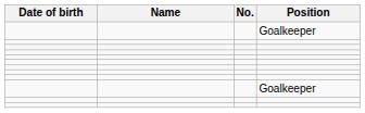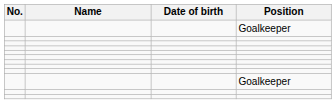 <table class="wikitable sortable" style=font-size:100%; text-align:center;>
 <tr>
+<th>No.</th>
+<th style=width:12em>Name</th>
 <th style=width:8em>Date of birth</th>
-<th style=width:12em>Name</th>
-<th>No.</th>
 <th style=width:9em>Position</th>
 </tr>
 <tr>
+<td></td>
+<td align=left> </td>
 <td align=right></td>
-<td align=left> </td>
-<td></td>
 <td>Goalkeeper</td>
 </tr>
 <tr>
+<td></td>
+<td align=left> </td>
 <td align=right></td>
-<td align=left> </td>
-<td></td>
 <td></td>
 </tr>
 <tr>
+<td></td>
+<td align=left> </td>
 <td align=right></td>
-<td align=left> </td>
-<td></td>
 <td></td>
 </tr>
 <tr>
+<td></td>
+<td align=left> </td>
 <td align=right></td>
-<td align=left> </td>
-<td></td>
 <td></td>
 </tr>
 <tr>
+<td></td>
+<td align=left> </td>
 <td align=right></td>
-<td align=left> </td>
-<td></td>
 <td></td>
 </tr>
 <tr>
+<td></td>
+<td align=left> </td>
 <td align=right></td>
-<td align=left> </td>
-<td></td>
 <td></td>
 </tr>
 <tr>
+<td></td>
+<td align=left> </td>
 <td align=right></td>
-<td align=left> </td>
-<td></td>
 <td></td>
 </tr>
 <tr>
+<td></td>
+<td align=left> </td>
 <td align=right></td>
-<td align=left> </td>
-<td></td>
 <td></td>
 </tr>
 <tr>
+<td></td>
+<td align=left> </td>
 <td align=right></td>
-<td align=left> </td>
-<td></td>
 <td></td>
 </tr>
 <tr>
+<td></td>
+<td align=left> </td>
 <td align=right></td>
-<td align=left> </td>
-<td></td>
 <td>Goalkeeper</td>
 </tr>
 <tr>
+<td></td>
+<td align=left> </td>
 <td align=right></td>
-<td align=left> </td>
-<td></td>
 <td></td>
 </tr>
 <tr>
+<td></td>
+<td align=left> </td>
 <td align=right></td>
-<td align=left> </td>
-<td></td>
 <td></td>
 </tr>
 </table>
